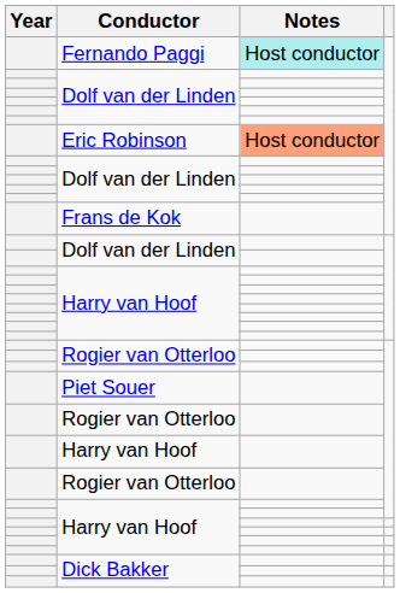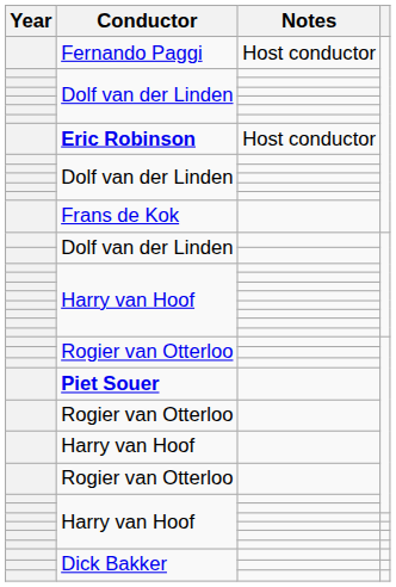 <table class="wikitable plainrowheaders">
 <tr>
 <th>Year</th>
 <th>Conductor</th>
 <th>Notes</th>
 <th></th>
 </tr>
 <tr>
 <th scope="row"></th>
 <td> <a href='#'>Fernando Paggi</a></td>
-<td style="background: paleturquoise;">Host conductor</td>
+<td>Host conductor</td>
 <td rowspan="14"></td>
 </tr>
 <tr>
 <th scope="row"></th>
 <td rowspan="6"><a href='#'>Dolf van der Linden</a></td>
 <td></td>
 </tr>
 <tr>
 <th scope="row"></th>
 <td></td>
 </tr>
 <tr>
 <th scope="row"></th>
 <td></td>
 </tr>
 <tr>
 <th scope="row"></th>
 <td></td>
 </tr>
 <tr>
 <th scope="row"></th>
 <td></td>
 </tr>
 <tr>
 <th scope="row"></th>
 <td></td>
 </tr>
 <tr>
 <th scope="row"></th>
-<td> <a href='#'>Eric Robinson</a></td>
-<td style="background: lightsalmon;">Host conductor</td>
+<td><strong> <a href='#'>Eric Robinson</a></strong></td>
+<td>Host conductor</td>
 </tr>
 <tr>
 <th scope="row"></th>
 <td rowspan="5">Dolf van der Linden</td>
 <td></td>
 </tr>
 <tr>
 <th scope="row"></th>
 <td></td>
 </tr>
 <tr>
 <th scope="row"></th>
 <td></td>
 </tr>
 <tr>
 <th scope="row"></th>
 <td></td>
 </tr>
 <tr>
 <th scope="row"></th>
 <td></td>
 </tr>
 <tr>
 <th scope="row"></th>
 <td><a href='#'>Frans de Kok</a></td>
 <td></td>
 </tr>
 <tr>
 <th scope="row"></th>
 <td rowspan="2">Dolf van der Linden</td>
 <td></td>
 <td rowspan="10"></td>
 </tr>
 <tr>
 <th scope="row"></th>
 <td></td>
 </tr>
 <tr>
 <th scope="row"></th>
 <td rowspan="8"><a href='#'>Harry van Hoof</a></td>
 <td></td>
 </tr>
 <tr>
 <th scope="row"></th>
 <td></td>
 </tr>
 <tr>
 <th scope="row"></th>
 <td></td>
 </tr>
 <tr>
 <th scope="row"></th>
 <td></td>
 </tr>
 <tr>
 <th scope="row"></th>
 <td></td>
 </tr>
 <tr>
 <th scope="row"></th>
 <td></td>
 </tr>
 <tr>
 <th scope="row"></th>
 <td></td>
 </tr>
 <tr>
 <th scope="row"></th>
 <td></td>
 </tr>
 <tr>
 <th scope="row"></th>
 <td rowspan="3"><a href='#'>Rogier van Otterloo</a></td>
 <td></td>
 <td rowspan="9"></td>
 </tr>
 <tr>
 <th scope="row"></th>
 <td></td>
 </tr>
 <tr>
 <th scope="row"></th>
 <td></td>
 </tr>
 <tr>
 <th scope="row"></th>
-<td><a href='#'>Piet Souer</a></td>
+<td><strong><a href='#'>Piet Souer</a></strong></td>
 <td></td>
 </tr>
 <tr>
 <th scope="row"></th>
 <td>Rogier van Otterloo</td>
 <td></td>
 </tr>
 <tr>
 <th scope="row"></th>
 <td>Harry van Hoof</td>
 <td></td>
 </tr>
 <tr>
 <th scope="row"></th>
 <td>Rogier van Otterloo</td>
 <td></td>
 </tr>
 <tr>
 <th scope="row"></th>
 <td rowspan="6">Harry van Hoof</td>
 <td></td>
 </tr>
 <tr>
 <th scope="row"></th>
 <td></td>
 </tr>
 <tr>
 <th scope="row"></th>
 <td></td>
 <td></td>
 </tr>
 <tr>
 <th scope="row"></th>
 <td></td>
 <td></td>
 </tr>
 <tr>
 <th scope="row"></th>
 <td></td>
 <td></td>
 </tr>
 <tr>
 <th scope="row"></th>
 <td></td>
 <td></td>
 </tr>
 <tr>
 <th scope="row"></th>
 <td rowspan="3"><a href='#'>Dick Bakker</a></td>
 <td></td>
 <td></td>
 </tr>
 <tr>
 <th scope="row"></th>
 <td></td>
 <td></td>
 </tr>
 <tr>
 <th scope="row"></th>
 <td></td>
 <td></td>
 </tr>
 </table>
